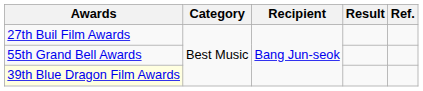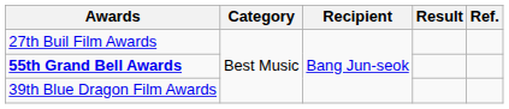 <table class="wikitable">
 <tr>
 <th>Awards</th>
 <th>Category</th>
 <th>Recipient</th>
 <th>Result</th>
 <th>Ref.</th>
 </tr>
 <tr>
 <td><a href='#'>27th Buil Film Awards</a></td>
 <td rowspan=3>Best Music</td>
 <td rowspan=3><a href='#'>Bang Jun-seok</a></td>
 <td></td>
 <td></td>
 </tr>
 <tr>
-<td><a href='#'>55th Grand Bell Awards</a></td>
+<td><strong><a href='#'>55th Grand Bell Awards</a></strong></td>
 <td></td>
 <td></td>
 </tr>
 <tr>
-<td style="background: lightyellow;"><a href='#'>39th Blue Dragon Film Awards</a></td>
+<td><a href='#'>39th Blue Dragon Film Awards</a></td>
 <td></td>
 <td></td>
 </tr>
 </table>
